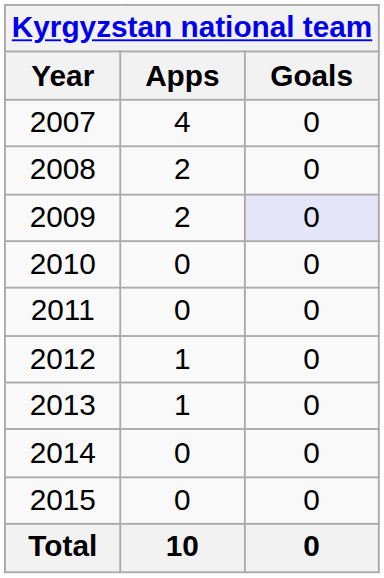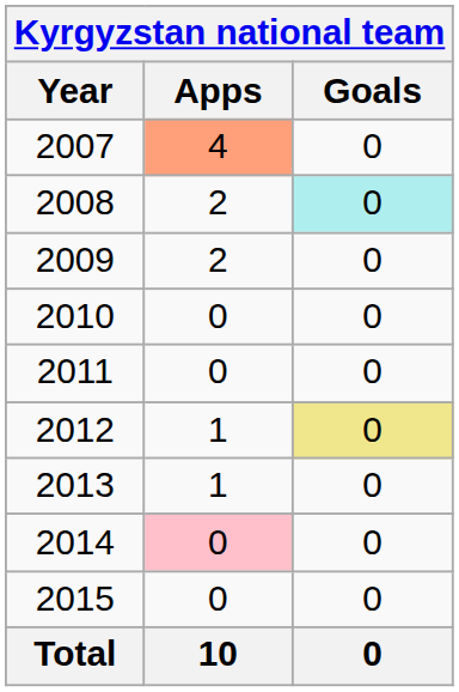 <table class="wikitable" style="text-align:center">
 <tr>
 <th colspan=3><a href='#'>Kyrgyzstan national team</a></th>
 </tr>
 <tr>
 <th>Year</th>
 <th>Apps</th>
 <th>Goals</th>
 </tr>
 <tr>
 <td>2007</td>
-<td>4</td>
+<td style="background: lightsalmon;">4</td>
 <td>0</td>
 </tr>
 <tr>
 <td>2008</td>
 <td>2</td>
-<td>0</td>
+<td style="background: paleturquoise;">0</td>
 </tr>
 <tr>
 <td>2009</td>
 <td>2</td>
-<td style="background: lavender;">0</td>
+<td>0</td>
 </tr>
 <tr>
 <td>2010</td>
 <td>0</td>
 <td>0</td>
 </tr>
 <tr>
 <td>2011</td>
 <td>0</td>
 <td>0</td>
 </tr>
 <tr>
 <td>2012</td>
 <td>1</td>
-<td>0</td>
+<td style="background: khaki;">0</td>
 </tr>
 <tr>
 <td>2013</td>
 <td>1</td>
 <td>0</td>
 </tr>
 <tr>
 <td>2014</td>
-<td>0</td>
+<td style="background: pink;">0</td>
 <td>0</td>
 </tr>
 <tr>
 <td>2015</td>
 <td>0</td>
 <td>0</td>
 </tr>
 <tr>
 <th>Total</th>
 <th>10</th>
 <th>0</th>
 </tr>
 </table>
